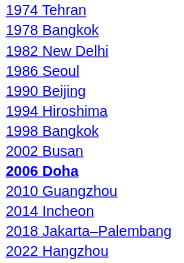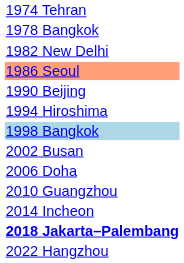 <table>
 <tr>
 <td><a href='#'>1974 Tehran</a></td>
 <td></td>
 <td></td>
 <td></td>
 </tr>
 <tr>
 <td><a href='#'>1978 Bangkok</a></td>
 <td></td>
 <td></td>
 <td></td>
 </tr>
 <tr>
 <td><a href='#'>1982 New Delhi</a></td>
 <td></td>
 <td></td>
 <td></td>
 </tr>
 <tr>
-<td><a href='#'>1986 Seoul</a></td>
+<td style="background: lightsalmon;"><a href='#'>1986 Seoul</a></td>
 <td></td>
 <td></td>
 <td></td>
 </tr>
 <tr>
 <td><a href='#'>1990 Beijing</a></td>
 <td></td>
 <td></td>
 <td></td>
 </tr>
 <tr>
 <td><a href='#'>1994 Hiroshima</a></td>
 <td></td>
 <td></td>
 <td></td>
 </tr>
 <tr>
-<td><a href='#'>1998 Bangkok</a></td>
+<td style="background: lightblue;"><a href='#'>1998 Bangkok</a></td>
 <td></td>
 <td></td>
 <td></td>
 </tr>
 <tr>
 <td><a href='#'>2002 Busan</a></td>
 <td></td>
 <td></td>
 <td></td>
 </tr>
 <tr>
-<td><strong><a href='#'>2006 Doha</a></strong></td>
+<td><a href='#'>2006 Doha</a></td>
 <td></td>
 <td></td>
 <td></td>
 </tr>
 <tr>
 <td><a href='#'>2010 Guangzhou</a></td>
 <td></td>
 <td></td>
 <td></td>
 </tr>
 <tr>
 <td><a href='#'>2014 Incheon</a></td>
 <td></td>
 <td></td>
 <td></td>
 </tr>
 <tr>
-<td><a href='#'>2018 Jakarta–Palembang</a></td>
+<td><strong><a href='#'>2018 Jakarta–Palembang</a></strong></td>
 <td></td>
 <td></td>
 <td></td>
 </tr>
 <tr>
 <td><a href='#'>2022 Hangzhou</a></td>
 <td></td>
 <td></td>
 <td></td>
 </tr>
 </table>
